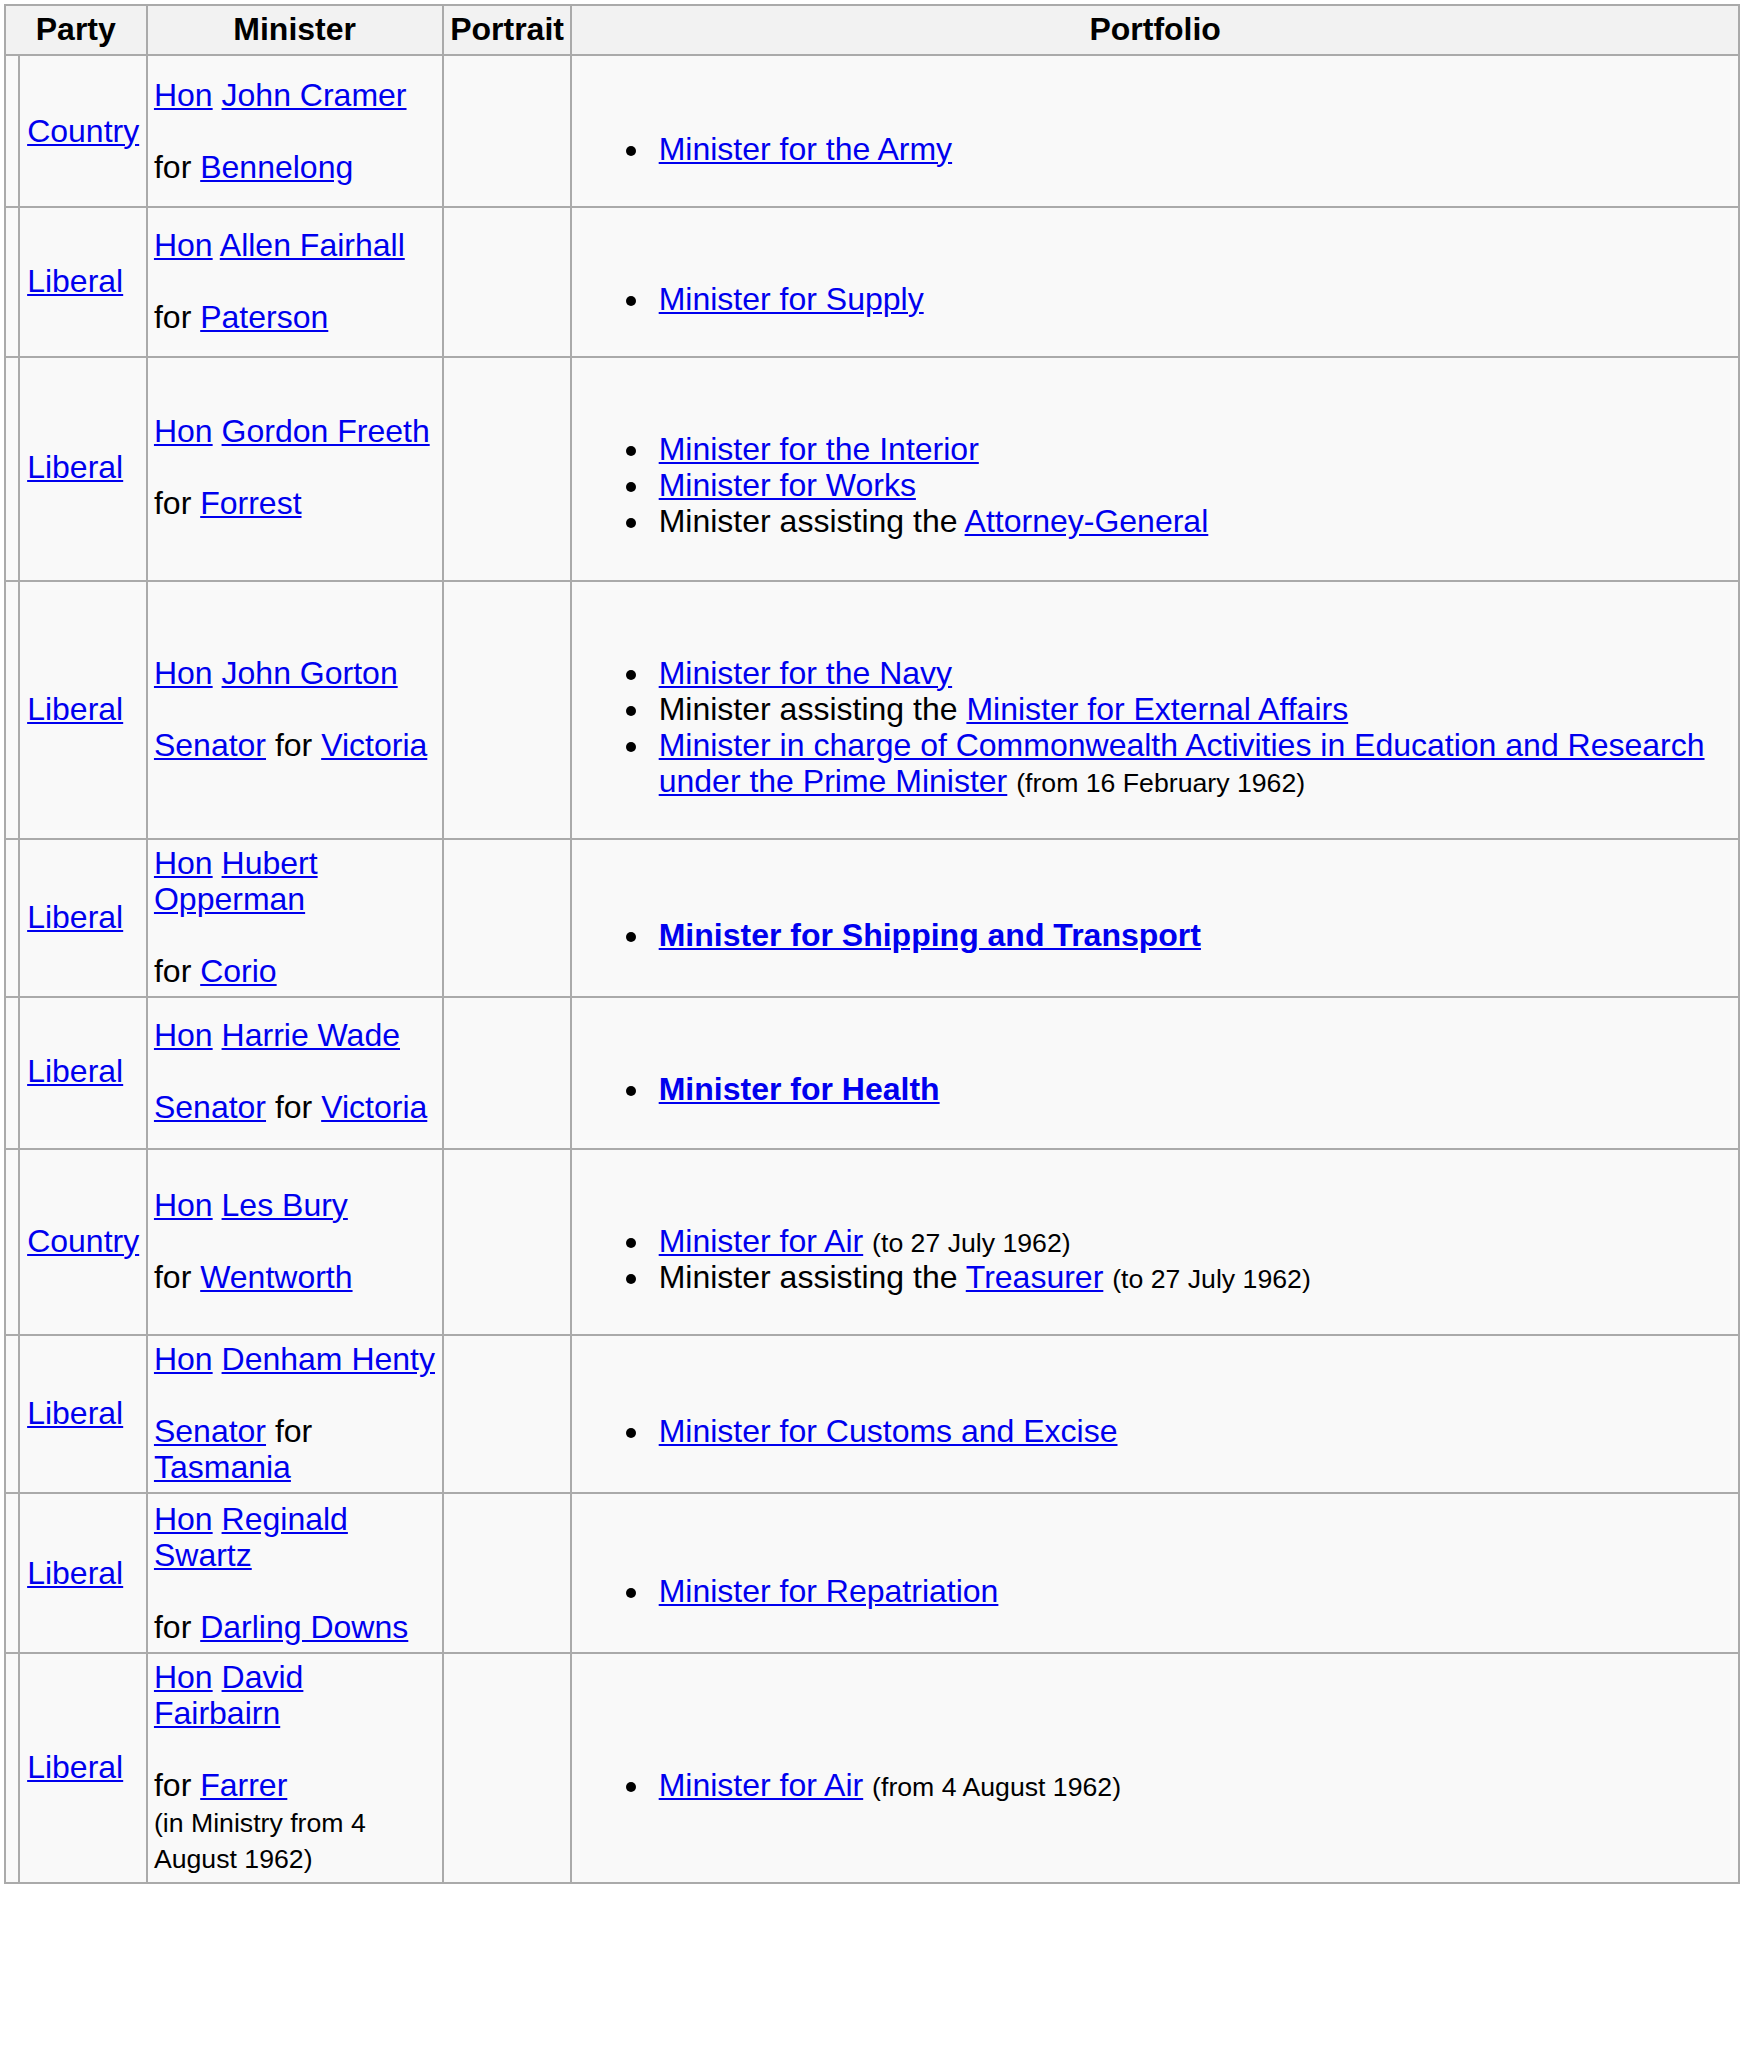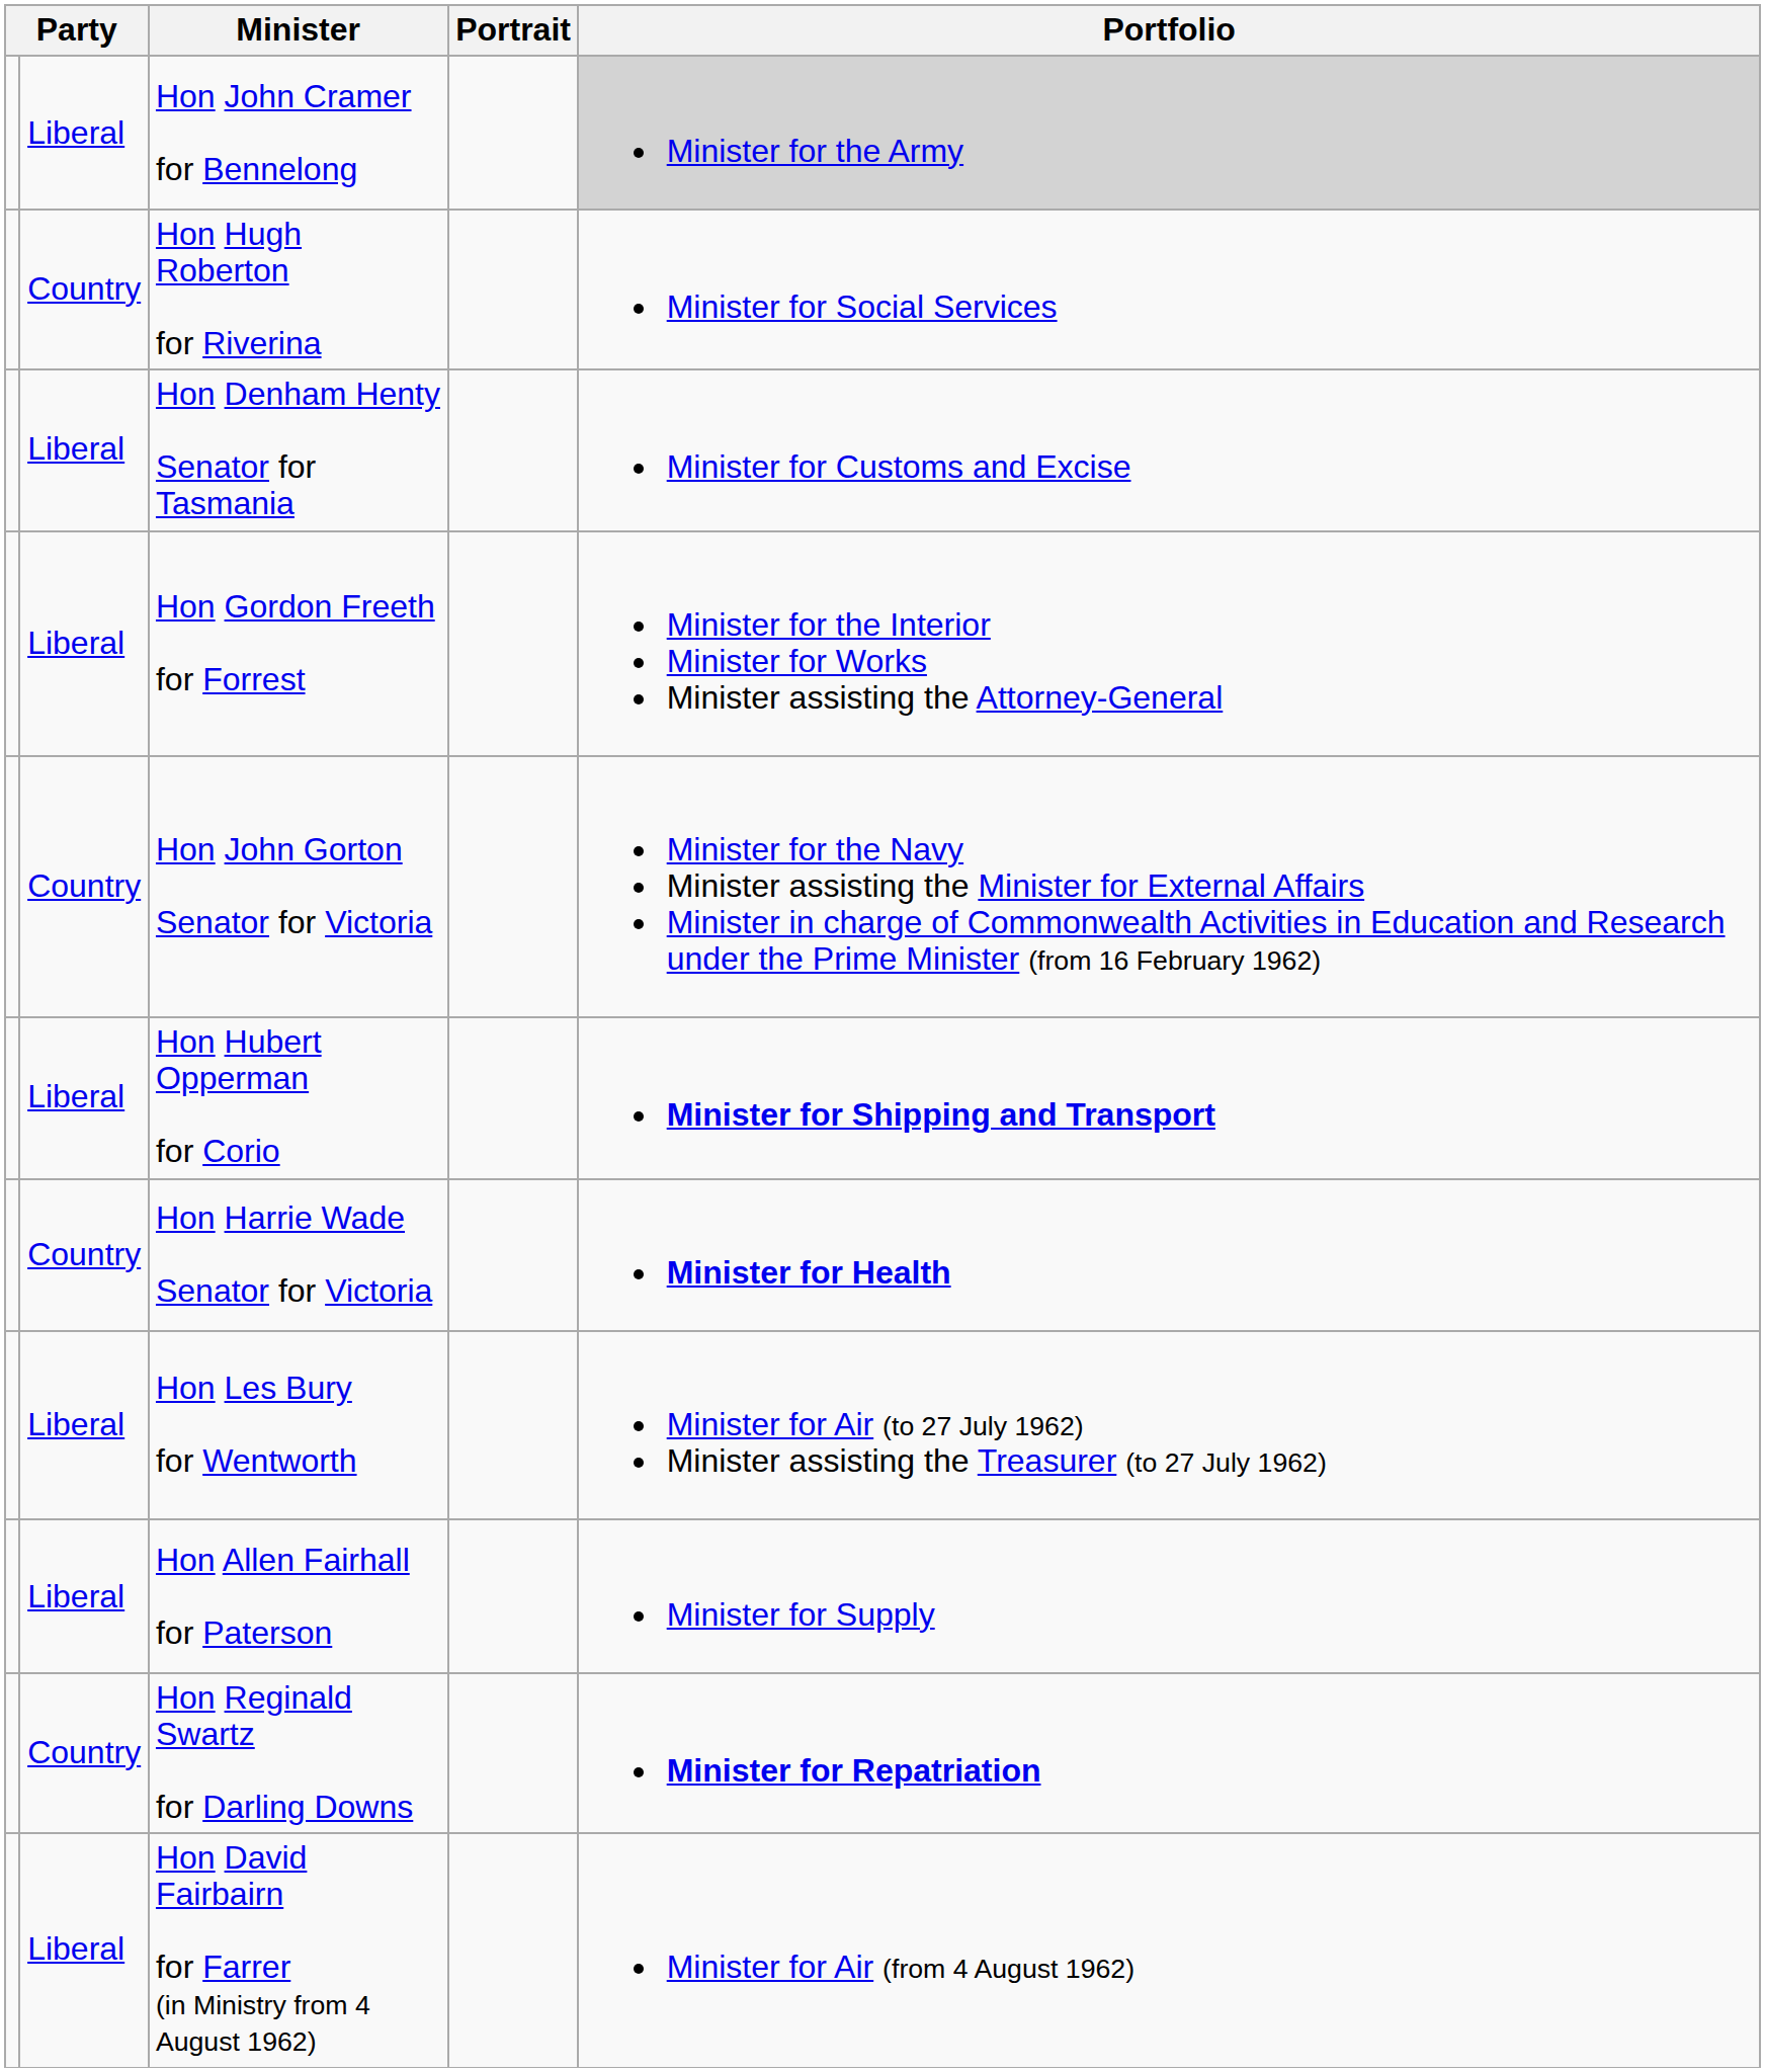 <table class="wikitable sortable">
 <tr>
 <th colspan="2">Party</th>
 <th>Minister</th>
 <th>Portrait</th>
 <th>Portfolio</th>
 </tr>
 <tr>
 <td></td>
-<td><a href='#'>Country</a></td>
+<td><a href='#'>Liberal</a></td>
 <td><a href='#'>Hon</a> <a href='#'>John Cramer</a> <br><br> for <a href='#'>Bennelong</a> <br></td>
 <td></td>
-<td><br><ul><li><a href='#'>Minister for the Army</a></li></ul></td>
+<td style="background: lightgrey;"><br><ul><li><a href='#'>Minister for the Army</a></li></ul></td>
+</tr>
+<tr>
+<td></td>
+<td><a href='#'>Country</a></td>
+<td><a href='#'>Hon</a> <a href='#'>Hugh Roberton</a> <br><br> for <a href='#'>Riverina</a> <br></td>
+<td></td>
+<td><br><ul><li><a href='#'>Minister for Social Services</a></li></ul></td>
 </tr>
 <tr>
 <td></td>
 <td><a href='#'>Liberal</a></td>
-<td><a href='#'>Hon</a> <a href='#'>Allen Fairhall</a> <br><br> for <a href='#'>Paterson</a> <br></td>
+<td><a href='#'>Hon</a> <a href='#'>Denham Henty</a> <br><br><a href='#'>Senator</a> for <a href='#'>Tasmania</a> <br></td>
 <td></td>
-<td><br><ul><li><a href='#'>Minister for Supply</a></li></ul></td>
+<td><br><ul><li><a href='#'>Minister for Customs and Excise</a></li></ul></td>
 </tr>
 <tr>
 <td></td>
 <td><a href='#'>Liberal</a></td>
 <td><a href='#'>Hon</a> <a href='#'>Gordon Freeth</a> <br><br> for <a href='#'>Forrest</a> <br></td>
 <td></td>
 <td><br><ul><li><a href='#'>Minister for the Interior</a></li><li><a href='#'>Minister for Works</a></li><li>Minister assisting the <a href='#'>Attorney-General</a></li></ul></td>
 </tr>
 <tr>
 <td></td>
-<td><a href='#'>Liberal</a></td>
+<td><a href='#'>Country</a></td>
 <td><a href='#'>Hon</a> <a href='#'>John Gorton</a> <br><br><a href='#'>Senator</a> for <a href='#'>Victoria</a> <br></td>
 <td></td>
 <td><br><ul><li><a href='#'>Minister for the Navy</a></li><li>Minister assisting the <a href='#'>Minister for External Affairs</a></li><li><a href='#'>Minister in charge of Commonwealth Activities in Education and Research under the Prime Minister</a> <small>(from 16 February 1962)</small></li></ul></td>
 </tr>
 <tr>
 <td></td>
 <td><a href='#'>Liberal</a></td>
 <td><a href='#'>Hon</a> <a href='#'>Hubert Opperman</a>  <br><br> for <a href='#'>Corio</a> <br></td>
 <td></td>
 <td><strong><br><ul><li><a href='#'>Minister for Shipping and Transport</a></li></ul></strong></td>
 </tr>
 <tr>
 <td></td>
-<td><a href='#'>Liberal</a></td>
+<td><a href='#'>Country</a></td>
 <td><a href='#'>Hon</a> <a href='#'>Harrie Wade</a>  <br><br><a href='#'>Senator</a> for <a href='#'>Victoria</a> <br></td>
 <td></td>
 <td><strong><br><ul><li><a href='#'>Minister for Health</a></li></ul></strong></td>
 </tr>
 <tr>
 <td></td>
-<td><a href='#'>Country</a></td>
+<td><a href='#'>Liberal</a></td>
 <td><a href='#'>Hon</a> <a href='#'>Les Bury</a> <br><br> for <a href='#'>Wentworth</a> <br></td>
 <td></td>
 <td><br><ul><li><a href='#'>Minister for Air</a> <small>(to 27 July 1962)</small></li><li>Minister assisting the <a href='#'>Treasurer</a> <small>(to 27 July 1962)</small></li></ul></td>
 </tr>
 <tr>
 <td></td>
 <td><a href='#'>Liberal</a></td>
-<td><a href='#'>Hon</a> <a href='#'>Denham Henty</a> <br><br><a href='#'>Senator</a> for <a href='#'>Tasmania</a> <br></td>
+<td><a href='#'>Hon</a> <a href='#'>Allen Fairhall</a> <br><br> for <a href='#'>Paterson</a> <br></td>
 <td></td>
-<td><br><ul><li><a href='#'>Minister for Customs and Excise</a></li></ul></td>
+<td><br><ul><li><a href='#'>Minister for Supply</a></li></ul></td>
 </tr>
 <tr>
 <td></td>
-<td><a href='#'>Liberal</a></td>
+<td><a href='#'>Country</a></td>
 <td><a href='#'>Hon</a> <a href='#'>Reginald Swartz</a>  <br><br> for <a href='#'>Darling Downs</a> <br></td>
 <td></td>
-<td><br><ul><li><a href='#'>Minister for Repatriation</a></li></ul></td>
+<td><strong><br><ul><li><a href='#'>Minister for Repatriation</a></li></ul></strong></td>
 </tr>
 <tr>
 <td></td>
 <td><a href='#'>Liberal</a></td>
 <td><a href='#'>Hon</a> <a href='#'>David Fairbairn</a>  <br><br> for <a href='#'>Farrer</a> <br> <small>(in Ministry from 4 August 1962)</small></td>
 <td></td>
 <td><br><ul><li><a href='#'>Minister for Air</a> <small>(from 4 August 1962)</small></li></ul></td>
 </tr>
 </table>
